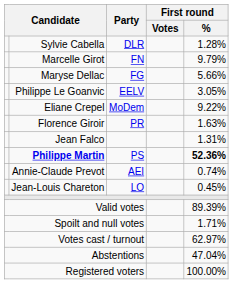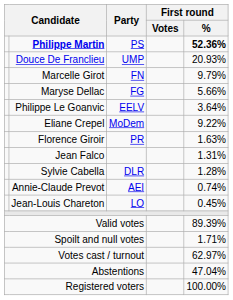 <table class="wikitable" style="text-align:right;font-size:95%;">
 <tr>
 <th rowspan=2 colspan=2>Candidate</th>
 <th rowspan=2 colspan=1>Party</th>
 <th colspan=2>First round</th>
 </tr>
 <tr>
 <th style="width:50px;">Votes</th>
 <th style="width:55px;">%</th>
 </tr>
 <tr>
 <td style="color:inherit;background-color:"></td>
-<td>Sylvie Cabella</td>
-<td><a href='#'>DLR</a></td>
+<td><strong><a href='#'>Philippe Martin</a></strong></td>
+<td><a href='#'>PS</a></td>
+<td><strong></strong></td>
+<td><strong>52.36%</strong></td>
+</tr>
+<tr>
+<td style="color:inherit;background-color:"></td>
+<td><a href='#'>Douce De Franclieu</a></td>
+<td><a href='#'>UMP</a></td>
 <td></td>
-<td>1.28%</td>
+<td>20.93%</td>
 </tr>
 <tr>
 <td style="color:inherit;background-color:"></td>
 <td>Marcelle Girot</td>
 <td><a href='#'>FN</a></td>
 <td></td>
 <td>9.79%</td>
 </tr>
 <tr>
 <td style="color:inherit;background-color:"></td>
 <td>Maryse Dellac</td>
 <td><a href='#'>FG</a></td>
 <td></td>
 <td>5.66%</td>
 </tr>
 <tr>
 <td style="color:inherit;background-color:"></td>
 <td>Philippe Le Goanvic</td>
 <td><a href='#'>EELV</a></td>
 <td></td>
-<td>3.05%</td>
+<td>3.64%</td>
 </tr>
 <tr>
 <td style="color:inherit;background-color:"></td>
 <td>Eliane Crepel</td>
 <td><a href='#'>MoDem</a></td>
 <td></td>
 <td>9.22%</td>
 </tr>
 <tr>
 <td style="color:inherit;background-color:"></td>
 <td>Florence Giroir</td>
 <td><a href='#'>PR</a></td>
 <td></td>
 <td>1.63%</td>
 </tr>
 <tr>
 <td style="background-color:;"></td>
 <td>Jean Falco</td>
 <td></td>
 <td></td>
 <td>1.31%</td>
 </tr>
 <tr>
 <td style="color:inherit;background-color:"></td>
-<td><strong><a href='#'>Philippe Martin</a></strong></td>
-<td><a href='#'>PS</a></td>
-<td><strong></strong></td>
-<td><strong>52.36%</strong></td>
+<td>Sylvie Cabella</td>
+<td><a href='#'>DLR</a></td>
+<td></td>
+<td>1.28%</td>
 </tr>
 <tr>
 <td style="color:inherit;background-color:"></td>
 <td>Annie-Claude Prevot</td>
 <td><a href='#'>AEI</a></td>
 <td></td>
 <td>0.74%</td>
 </tr>
 <tr>
 <td style="color:inherit;background-color:"></td>
 <td>Jean-Louis Chareton</td>
 <td><a href='#'>LO</a></td>
 <td></td>
 <td>0.45%</td>
 </tr>
 <tr>
 <td colspan=5 style="background-color:#E9E9E9;"></td>
 </tr>
 <tr>
 <td colspan=3>Valid votes</td>
 <td></td>
 <td>89.39%</td>
 </tr>
 <tr>
 <td colspan=3>Spoilt and null votes</td>
 <td></td>
 <td>1.71%</td>
 </tr>
 <tr>
 <td colspan=3>Votes cast / turnout</td>
 <td></td>
 <td>62.97%</td>
 </tr>
 <tr>
 <td colspan=3>Abstentions</td>
 <td></td>
 <td>47.04%</td>
 </tr>
 <tr>
 <td colspan=3>Registered voters</td>
 <td></td>
 <td>100.00%</td>
 </tr>
 </table>
